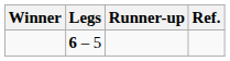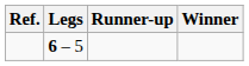 <table class="wikitable">
 <tr>
-<th>Winner</th>
+<th>Ref.</th>
 <th>Legs</th>
 <th>Runner-up</th>
-<th>Ref.</th>
+<th>Winner</th>
 </tr>
 <tr>
-<td align="right"></td>
+<td align="center"></td>
 <td align="center"><strong>6</strong> – 5</td>
 <td></td>
-<td align="center"></td>
+<td align="right"></td>
 </tr>
 </table>
